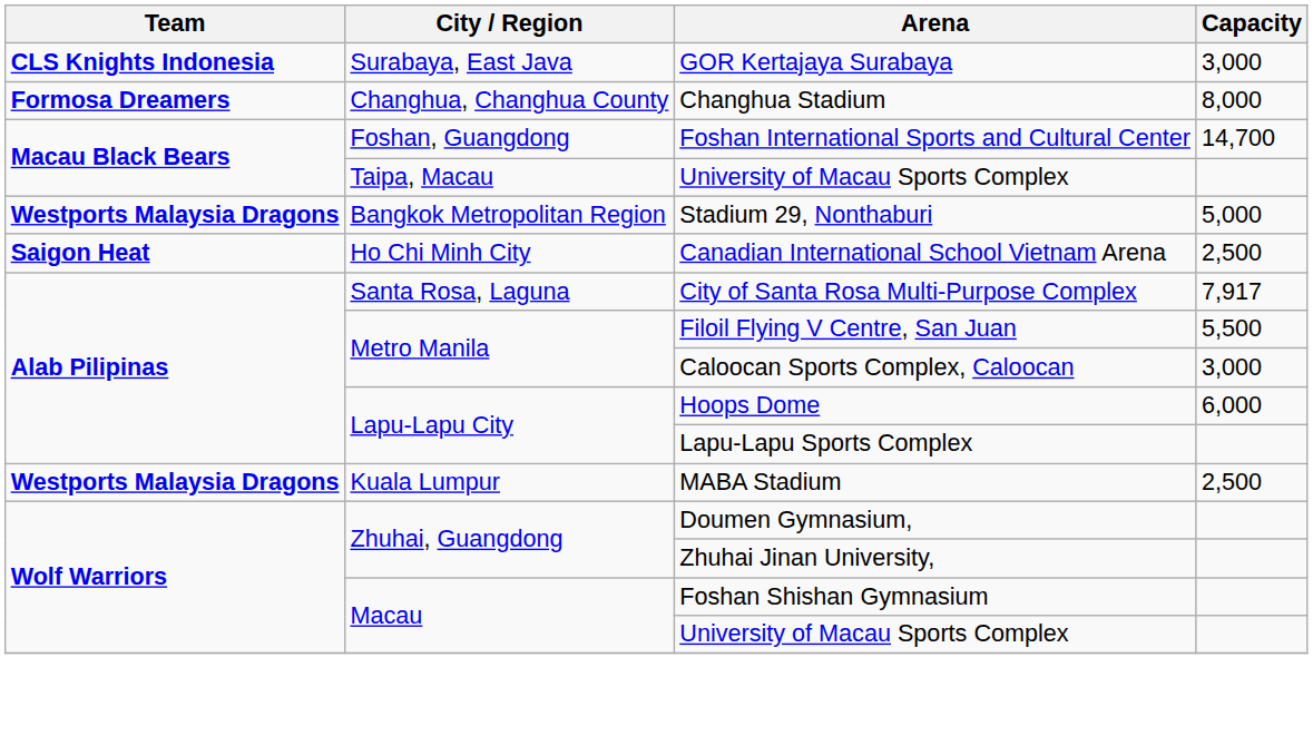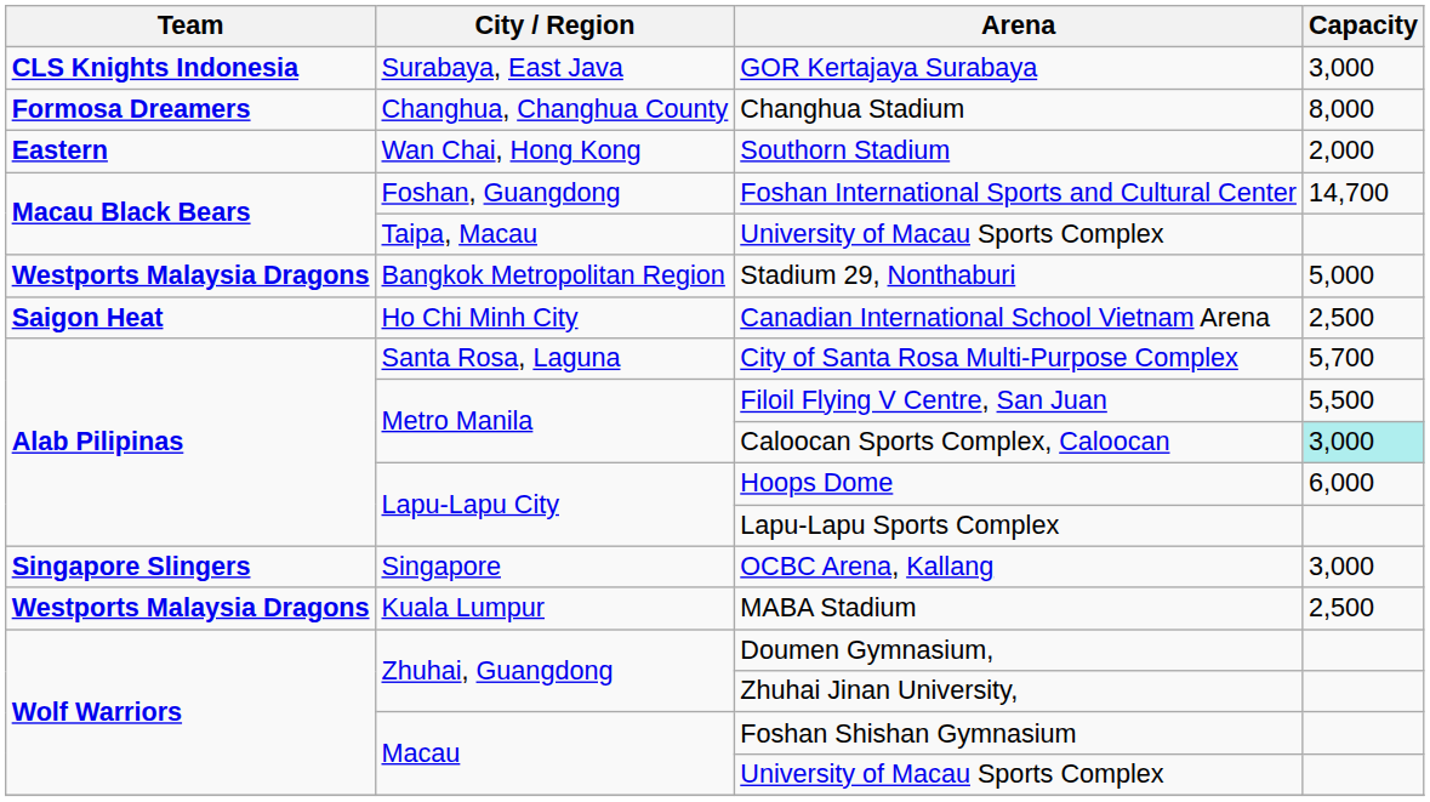 <table class="wikitable">
 <tr>
 <th>Team</th>
 <th>City / Region</th>
 <th>Arena</th>
 <th>Capacity</th>
 </tr>
 <tr>
 <td> <strong><a href='#'>CLS Knights Indonesia</a></strong></td>
 <td><a href='#'>Surabaya</a>, <a href='#'>East Java</a></td>
 <td><a href='#'>GOR Kertajaya Surabaya</a></td>
 <td>3,000</td>
 </tr>
 <tr>
 <td> <strong><a href='#'>Formosa Dreamers</a></strong></td>
 <td><a href='#'>Changhua</a>, <a href='#'>Changhua County</a></td>
 <td>Changhua Stadium</td>
 <td>8,000</td>
+</tr>
+<tr>
+<td> <strong><a href='#'>Eastern</a></strong></td>
+<td><a href='#'>Wan Chai</a>, <a href='#'>Hong Kong</a></td>
+<td><a href='#'>Southorn Stadium</a></td>
+<td>2,000</td>
 </tr>
 <tr>
 <td rowspan="2"> <strong><a href='#'>Macau Black Bears</a></strong></td>
 <td><a href='#'>Foshan</a>, <a href='#'>Guangdong</a></td>
 <td><a href='#'>Foshan International Sports and Cultural Center</a></td>
 <td>14,700</td>
 </tr>
 <tr>
 <td><a href='#'>Taipa</a>, <a href='#'>Macau</a></td>
 <td><a href='#'>University of Macau</a> Sports Complex</td>
 <td></td>
 </tr>
 <tr>
 <td> <strong><a href='#'>Westports Malaysia Dragons</a></strong></td>
 <td><a href='#'>Bangkok Metropolitan Region</a></td>
 <td>Stadium 29, <a href='#'>Nonthaburi</a></td>
 <td>5,000</td>
 </tr>
 <tr>
 <td> <strong><a href='#'>Saigon Heat</a></strong></td>
 <td><a href='#'>Ho Chi Minh City</a></td>
 <td><a href='#'>Canadian International School Vietnam</a> Arena</td>
 <td>2,500</td>
 </tr>
 <tr>
 <td rowspan="5"> <strong><a href='#'>Alab Pilipinas</a></strong></td>
 <td><a href='#'>Santa Rosa</a>, <a href='#'>Laguna</a></td>
 <td><a href='#'>City of Santa Rosa Multi-Purpose Complex</a></td>
-<td>7,917</td>
+<td>5,700</td>
 </tr>
 <tr>
 <td rowspan="2"><a href='#'>Metro Manila</a></td>
 <td><a href='#'>Filoil Flying V Centre</a>, <a href='#'>San Juan</a></td>
 <td>5,500</td>
 </tr>
 <tr>
 <td>Caloocan Sports Complex, <a href='#'>Caloocan</a></td>
-<td>3,000</td>
+<td style="background: paleturquoise;">3,000</td>
 </tr>
 <tr>
 <td rowspan="2"><a href='#'>Lapu-Lapu City</a></td>
 <td><a href='#'>Hoops Dome</a></td>
 <td>6,000</td>
 </tr>
 <tr>
 <td>Lapu-Lapu Sports Complex</td>
 <td></td>
+</tr>
+<tr>
+<td>  <strong><a href='#'>Singapore Slingers</a></strong></td>
+<td><a href='#'>Singapore</a></td>
+<td><a href='#'>OCBC Arena</a>, <a href='#'>Kallang</a></td>
+<td>3,000</td>
 </tr>
 <tr>
 <td> <strong><a href='#'>Westports Malaysia Dragons</a></strong></td>
 <td><a href='#'>Kuala Lumpur</a></td>
 <td>MABA Stadium</td>
 <td>2,500</td>
 </tr>
 <tr>
 <td rowspan="4"> <strong><a href='#'>Wolf Warriors</a></strong></td>
 <td rowspan="2"><a href='#'>Zhuhai</a>, <a href='#'>Guangdong</a></td>
 <td>Doumen Gymnasium,</td>
 <td></td>
 </tr>
 <tr>
 <td>Zhuhai Jinan University,</td>
 <td></td>
 </tr>
 <tr>
 <td rowspan="2"><a href='#'>Macau</a></td>
 <td>Foshan Shishan Gymnasium</td>
 <td></td>
 </tr>
 <tr>
 <td><a href='#'>University of Macau</a> Sports Complex</td>
 <td></td>
 </tr>
 <tr>
 </tr>
 </table>
